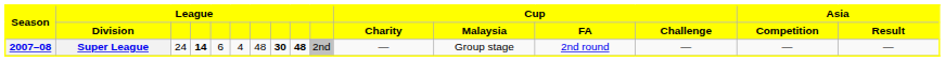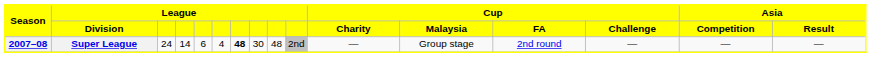 <table class="wikitable" style="border:2px solid yellow; font-size:90%; text-align:center;">
 <tr>
 <th rowspan="2" style="background:yellow; color:black;" width="60">Season</th>
 <th colspan="9" style="background:yellow; color:black;">League</th>
 <th colspan="4" style="background:yellow; color:black;">Cup</th>
 <th colspan="2" style="background:yellow; color:black;">Asia</th>
 </tr>
 <tr>
 <th style="background:yellow; color:black;" width="150">Division</th>
 <th style="background:yellow; color:black;" width="20"></th>
 <th style="background:yellow; color:black;" width="20"></th>
 <th style="background:yellow; color:black;" width="20"></th>
 <th style="background:yellow; color:black;" width="20"></th>
 <th style="background:yellow; color:black;" width="20"></th>
 <th style="background:yellow; color:black;" width="20"></th>
 <th style="background:yellow; color:black;" width="20"></th>
 <th style="background:yellow; color:black;" width="20"></th>
 <th style="background:yellow; color:black;" width="130">Charity</th>
 <th style="background:yellow; color:black;" width="130">Malaysia</th>
 <th style="background:yellow; color:black;" width="130">FA</th>
 <th style="background:yellow; color:black;" width="130">Challenge</th>
 <th style="background:yellow; color:black;" width="130">Competition</th>
 <th style="background:yellow; color:black;" width="130">Result</th>
 </tr>
 <tr>
 <th><a href='#'>2007–08</a></th>
 <th><a href='#'>Super League</a></th>
 <td>24</td>
-<td><strong>14</strong></td>
+<td>14</td>
 <td>6</td>
 <td>4</td>
+<td><strong>48</strong></td>
+<td>30</td>
 <td>48</td>
-<td><strong>30</strong></td>
-<td><strong>48</strong></td>
 <td style="background:silver;">2nd</td>
 <td>—</td>
 <td>Group stage</td>
 <td><a href='#'>2nd round</a></td>
 <td>—</td>
 <td>—</td>
 <td>—</td>
 </tr>
 <tr>
 </tr>
 </table>
